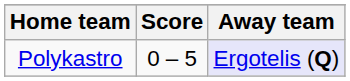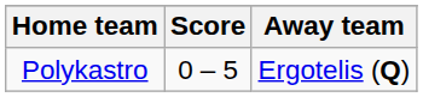 <table class="wikitable" style="text-align: center">
 <tr>
 </tr>
 <tr>
 <th>Home team</th>
 <th>Score</th>
 <th>Away team</th>
 </tr>
 <tr>
 <td><a href='#'>Polykastro</a></td>
 <td>0 – 5</td>
-<td style="background: lavender;"><a href='#'>Ergotelis</a> (<strong>Q</strong>)</td>
+<td><a href='#'>Ergotelis</a> (<strong>Q</strong>)</td>
 </tr>
 </table>
